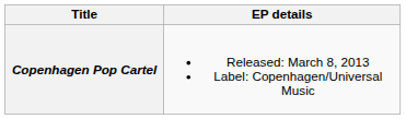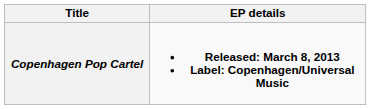 <table class="wikitable plainrowheaders" style="text-align:center;">
 <tr>
 <th scope="col" style="width:12em;">Title</th>
 <th scope="col" style="width:18em;">EP details</th>
 </tr>
 <tr>
 <th scope="row"><em>Copenhagen Pop Cartel</em></th>
-<td><br><ul><li>Released: March 8, 2013</li><li>Label: Copenhagen/Universal Music</li></ul></td>
+<td><strong><br><ul><li>Released: March 8, 2013</li><li>Label: Copenhagen/Universal Music</li></ul></strong></td>
 </tr>
 </table>
